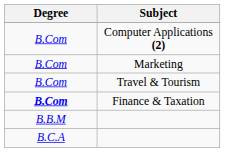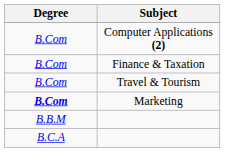 <table class="wikitable" style="text-align:center;font-size:100%;">
 <tr>
 <th width=120>Degree</th>
 <th width=160>Subject</th>
 </tr>
 <tr align="center">
 </tr>
 <tr>
 <td><em><a href='#'>B.Com</a></em></td>
 <td>Computer Applications <strong>(2)</strong></td>
 </tr>
 <tr>
 <td><em><a href='#'>B.Com</a></em></td>
-<td>Marketing</td>
+<td>Finance & Taxation</td>
 </tr>
 <tr>
 <td><em><a href='#'>B.Com</a></em></td>
 <td>Travel & Tourism</td>
 </tr>
 <tr>
 <td><strong><em><a href='#'>B.Com</a></em></strong></td>
-<td>Finance & Taxation</td>
+<td>Marketing</td>
 </tr>
 <tr>
 <td><em><a href='#'>B.B.M</a></em></td>
 <td></td>
 </tr>
 <tr>
 <td><em><a href='#'>B.C.A</a></em></td>
 <td></td>
 </tr>
 </table>
